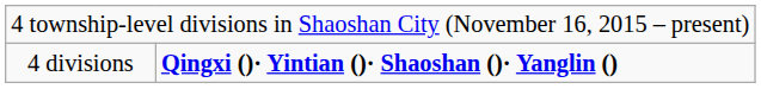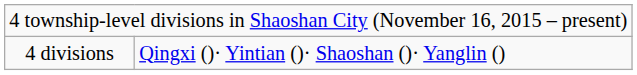 <table class="wikitable">
 <tr>
 <td style="text-align:center;" colspan="2">4 township-level divisions in <a href='#'>Shaoshan City</a> (November 16, 2015 – present)</td>
 </tr>
 <tr align=left>
 <td align=center>4 divisions</td>
-<td><strong><a href='#'>Qingxi</a> ()· <a href='#'>Yintian</a> ()· <a href='#'>Shaoshan</a> ()· <a href='#'>Yanglin</a> ()</strong></td>
+<td><a href='#'>Qingxi</a> ()· <a href='#'>Yintian</a> ()· <a href='#'>Shaoshan</a> ()· <a href='#'>Yanglin</a> ()</td>
 </tr>
 </table>
